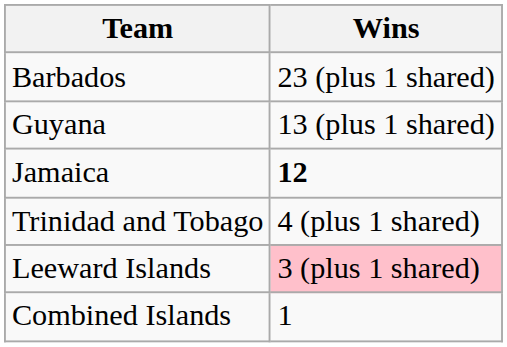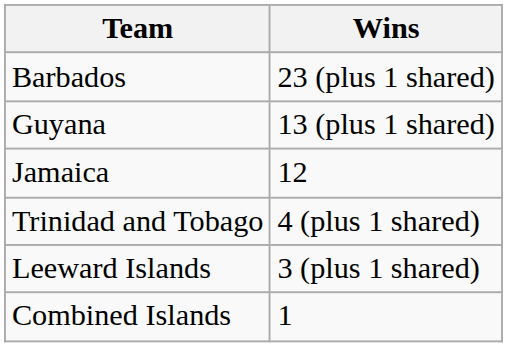 <table class="wikitable">
 <tr>
 <th>Team</th>
 <th>Wins</th>
 </tr>
 <tr>
 <td>Barbados</td>
 <td>23 (plus 1 shared)</td>
 </tr>
 <tr>
 <td>Guyana</td>
 <td>13 (plus 1 shared)</td>
 </tr>
 <tr>
 <td>Jamaica</td>
-<td><strong>12</strong></td>
+<td>12</td>
 </tr>
 <tr>
 <td>Trinidad and Tobago</td>
 <td>4 (plus 1 shared)</td>
 </tr>
 <tr>
 <td>Leeward Islands</td>
-<td style="background: pink;">3 (plus 1 shared)</td>
+<td>3 (plus 1 shared)</td>
 </tr>
 <tr>
 <td>Combined Islands</td>
 <td>1</td>
 </tr>
 </table>
